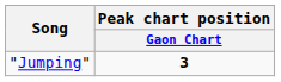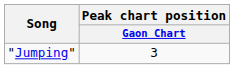 <table class="wikitable" style="text-align:center;">
 <tr>
 <th rowspan="2">Song</th>
 <th colspan="9">Peak chart position</th>
 </tr>
 <tr style="font-size:smaller;">
 <th><a href='#'>Gaon Chart</a></th>
 </tr>
 <tr>
 <td align="left">"<a href='#'>Jumping</a>"</td>
-<td><strong>3</strong></td>
+<td>3</td>
 </tr>
 </table>
